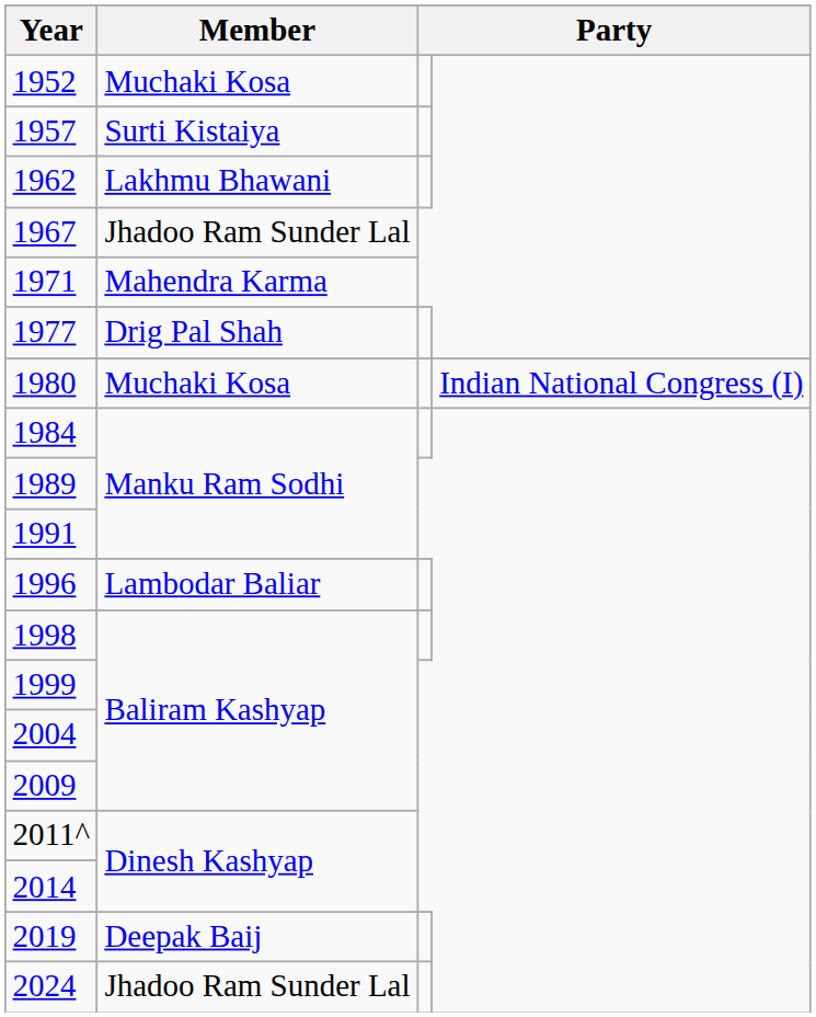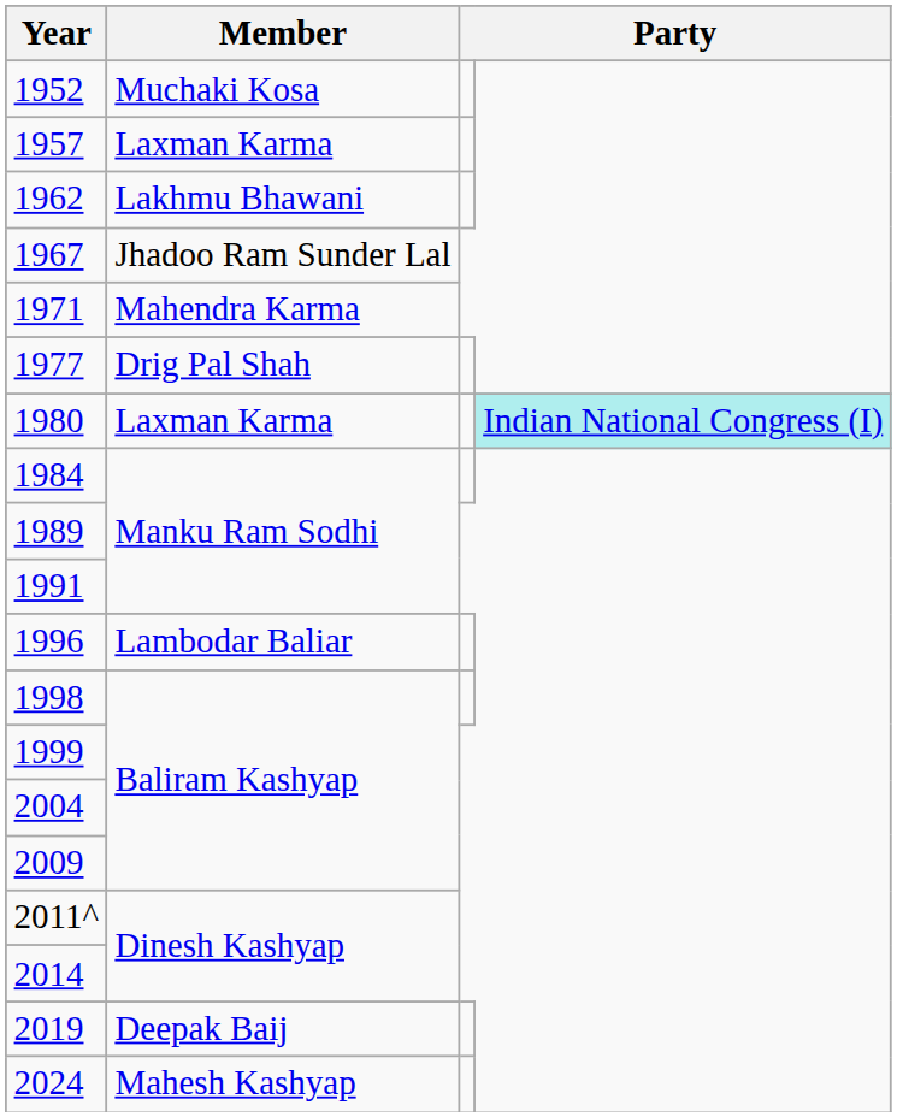 <table class="wikitable">
 <tr>
 <th>Year</th>
 <th>Member</th>
 <th Colspan=2>Party</th>
 </tr>
 <tr>
 <td><a href='#'>1952</a></td>
 <td><a href='#'>Muchaki Kosa</a></td>
 <td></td>
 </tr>
 <tr>
 <td><a href='#'>1957</a></td>
-<td><a href='#'>Surti Kistaiya</a></td>
+<td><a href='#'>Laxman Karma</a></td>
 <td></td>
 </tr>
 <tr>
 <td><a href='#'>1962</a></td>
 <td><a href='#'>Lakhmu Bhawani</a></td>
 <td></td>
 </tr>
 <tr>
 <td><a href='#'>1967</a></td>
 <td>Jhadoo Ram Sunder Lal</td>
 </tr>
 <tr>
 <td><a href='#'>1971</a></td>
 <td><a href='#'>Mahendra Karma</a></td>
 </tr>
 <tr>
 <td><a href='#'>1977</a></td>
 <td><a href='#'>Drig Pal Shah</a></td>
 <td></td>
 </tr>
 <tr>
 <td><a href='#'>1980</a></td>
-<td><a href='#'>Muchaki Kosa</a></td>
+<td><a href='#'>Laxman Karma</a></td>
 <td style="background-color: "></td>
-<td><a href='#'>Indian National Congress (I)</a></td>
+<td style="background: paleturquoise;"><a href='#'>Indian National Congress (I)</a></td>
 </tr>
 <tr>
 <td><a href='#'>1984</a></td>
 <td rowspan="3"><a href='#'>Manku Ram Sodhi</a></td>
 <td></td>
 </tr>
 <tr>
 <td><a href='#'>1989</a></td>
 </tr>
 <tr>
 <td><a href='#'>1991</a></td>
 </tr>
 <tr>
 <td><a href='#'>1996</a></td>
 <td><a href='#'>Lambodar Baliar</a></td>
 <td></td>
 </tr>
 <tr>
 <td><a href='#'>1998</a></td>
 <td rowspan="4"><a href='#'>Baliram Kashyap</a></td>
 <td></td>
 </tr>
 <tr>
 <td><a href='#'>1999</a></td>
 </tr>
 <tr>
 <td><a href='#'>2004</a></td>
 </tr>
 <tr>
 <td><a href='#'>2009</a></td>
 </tr>
 <tr>
 <td>2011^</td>
 <td rowspan="2"><a href='#'>Dinesh Kashyap</a></td>
 </tr>
 <tr>
 <td><a href='#'>2014</a></td>
 </tr>
 <tr>
 <td><a href='#'>2019</a></td>
 <td><a href='#'>Deepak Baij</a></td>
 <td></td>
 </tr>
 <tr>
 <td><a href='#'>2024</a></td>
-<td>Jhadoo Ram Sunder Lal</td>
+<td><a href='#'>Mahesh Kashyap</a></td>
 <td></td>
 </tr>
 </table>
